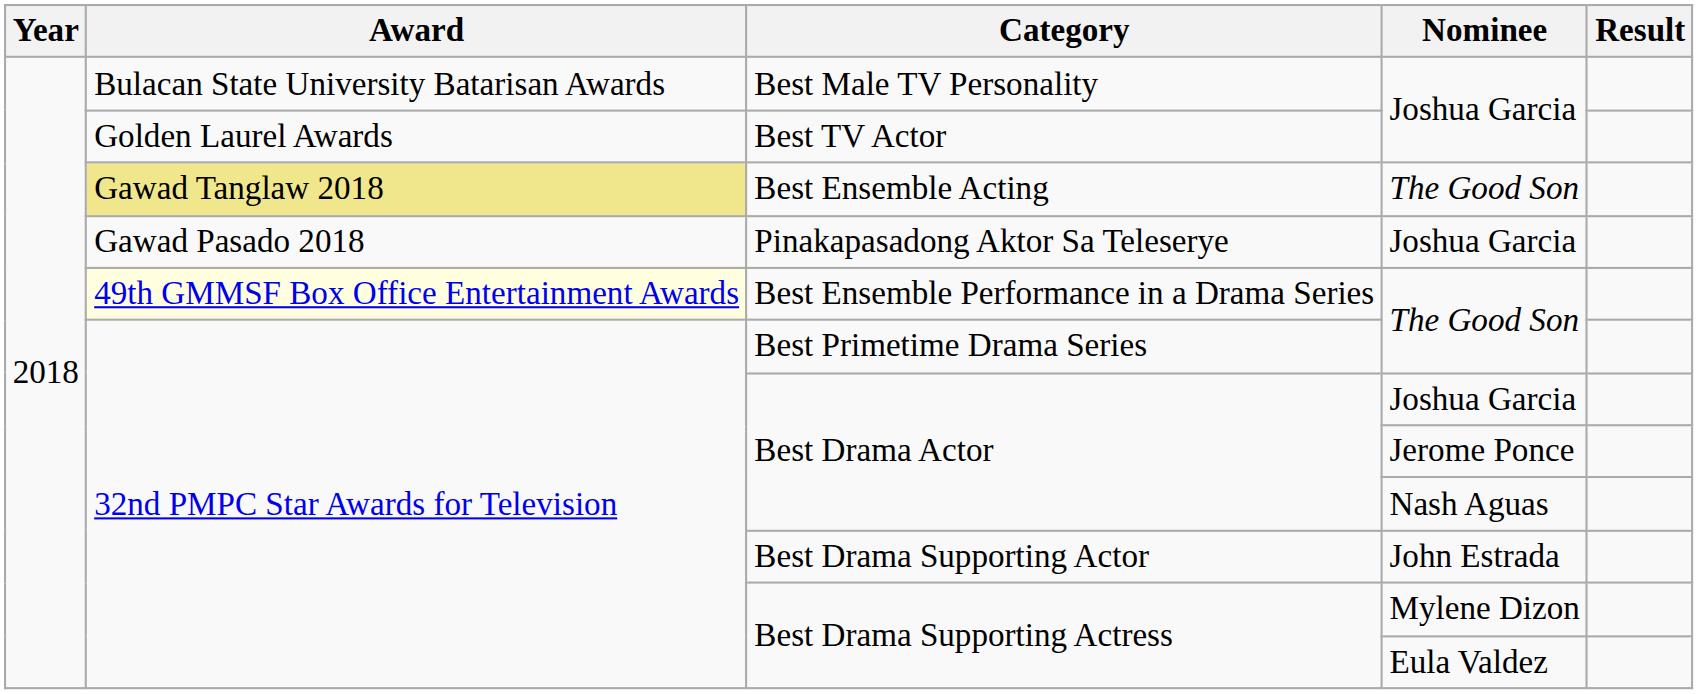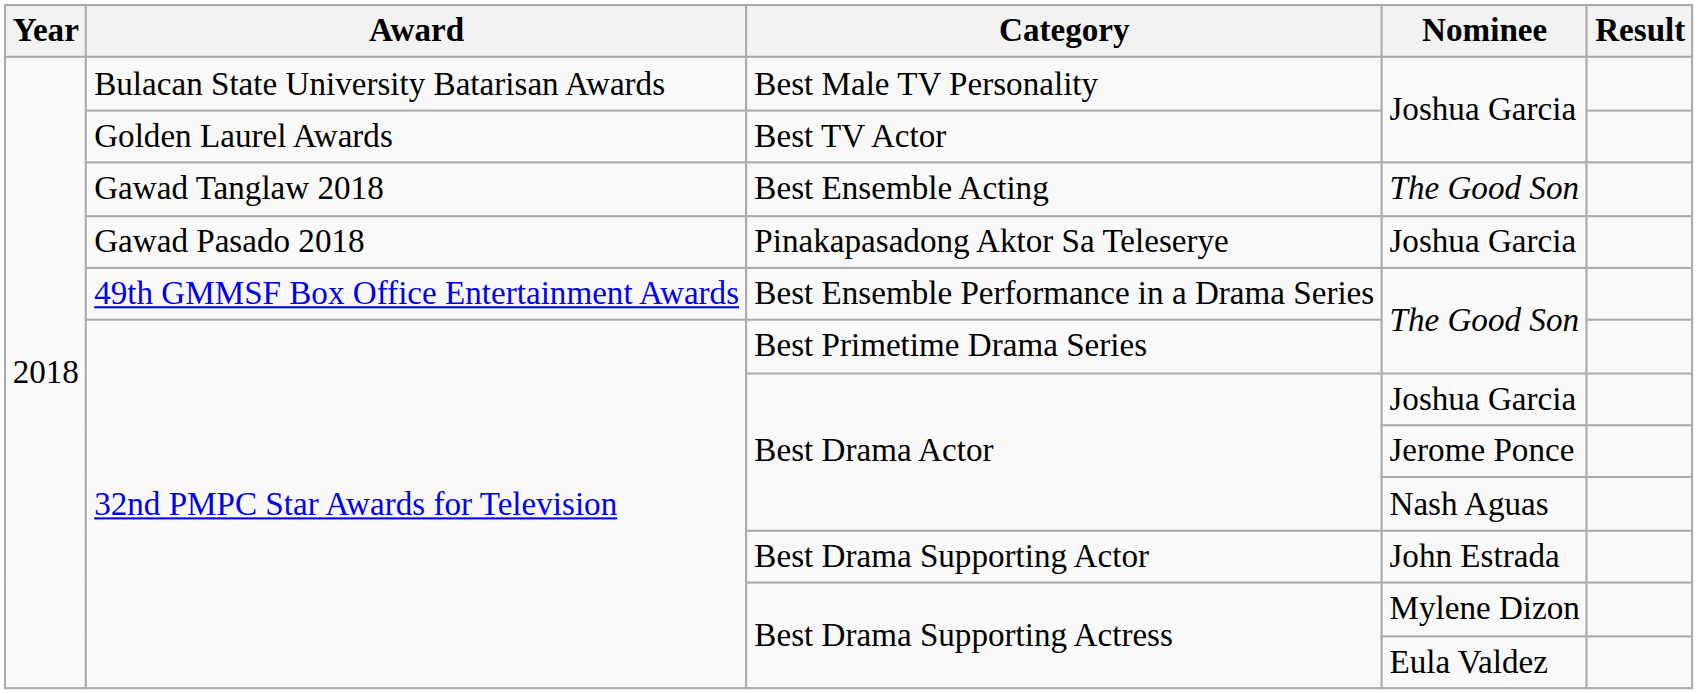 <table class="wikitable">
 <tr>
 <th>Year</th>
 <th>Award</th>
 <th>Category</th>
 <th>Nominee</th>
 <th>Result</th>
 </tr>
 <tr>
 <td rowspan="12">2018</td>
 <td>Bulacan State University Batarisan Awards</td>
 <td>Best Male TV Personality</td>
 <td rowspan=2>Joshua Garcia</td>
 <td></td>
 </tr>
 <tr>
 <td>Golden Laurel Awards</td>
 <td>Best TV Actor</td>
 <td></td>
 </tr>
 <tr>
-<td style="background: khaki;">Gawad Tanglaw 2018</td>
+<td>Gawad Tanglaw 2018</td>
 <td>Best Ensemble Acting</td>
 <td><em>The Good Son</em></td>
 <td></td>
 </tr>
 <tr>
 <td>Gawad Pasado 2018</td>
 <td>Pinakapasadong Aktor Sa Teleserye</td>
 <td>Joshua Garcia</td>
 <td></td>
 </tr>
 <tr>
-<td style="background: lightyellow;"><a href='#'>49th GMMSF Box Office Entertainment Awards</a></td>
+<td><a href='#'>49th GMMSF Box Office Entertainment Awards</a></td>
 <td>Best Ensemble Performance in a Drama Series</td>
 <td rowspan=2><em>The Good Son</em></td>
 <td></td>
 </tr>
 <tr>
 <td rowspan=7><a href='#'>32nd PMPC Star Awards for Television</a></td>
 <td>Best Primetime Drama Series</td>
 <td></td>
 </tr>
 <tr>
 <td rowspan=3>Best Drama Actor</td>
 <td>Joshua Garcia</td>
 <td></td>
 </tr>
 <tr>
 <td>Jerome Ponce</td>
 <td></td>
 </tr>
 <tr>
 <td>Nash Aguas</td>
 <td></td>
 </tr>
 <tr>
 <td>Best Drama Supporting Actor</td>
 <td>John Estrada</td>
 <td></td>
 </tr>
 <tr>
 <td rowspan=2>Best Drama Supporting Actress</td>
 <td>Mylene Dizon</td>
 <td></td>
 </tr>
 <tr>
 <td>Eula Valdez</td>
 <td></td>
 </tr>
 </table>
